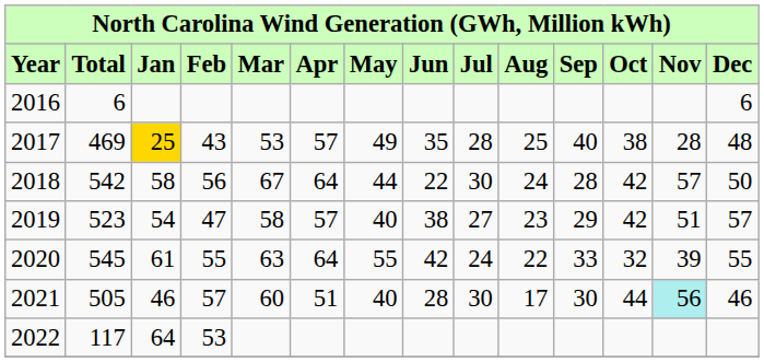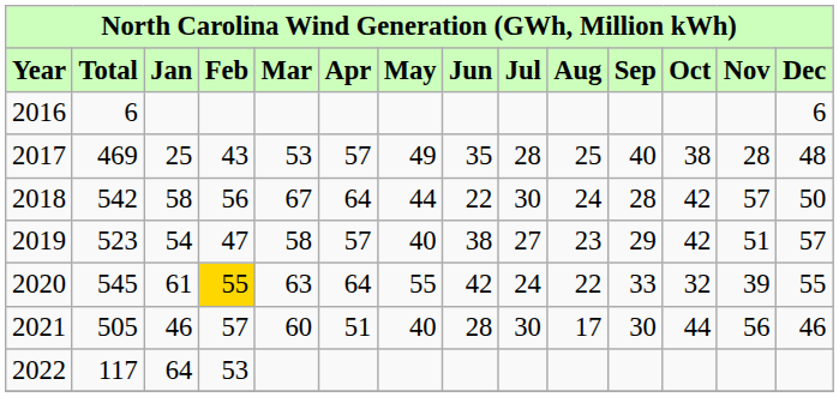 <table class="wikitable" style="text-align:right;">
 <tr>
 <th colspan="14" style="background:#cfb;">North Carolina Wind Generation (GWh, Million kWh)</th>
 </tr>
 <tr>
 <th style="background:#cfb;">Year</th>
 <th style="background:#cfb;">Total</th>
 <th style="background:#cfb;">Jan</th>
 <th style="background:#cfb;">Feb</th>
 <th style="background:#cfb;">Mar</th>
 <th style="background:#cfb;">Apr</th>
 <th style="background:#cfb;">May</th>
 <th style="background:#cfb;">Jun</th>
 <th style="background:#cfb;">Jul</th>
 <th style="background:#cfb;">Aug</th>
 <th style="background:#cfb;">Sep</th>
 <th style="background:#cfb;">Oct</th>
 <th style="background:#cfb;">Nov</th>
 <th style="background:#cfb;">Dec</th>
 </tr>
 <tr align=right>
 <td>2016</td>
 <td>6</td>
 <td></td>
 <td></td>
 <td></td>
 <td></td>
 <td></td>
 <td></td>
 <td></td>
 <td></td>
 <td></td>
 <td></td>
 <td></td>
 <td>6</td>
 </tr>
 <tr align=right>
 <td>2017</td>
 <td>469</td>
-<td style="background: gold;">25</td>
+<td>25</td>
 <td>43</td>
 <td>53</td>
 <td>57</td>
 <td>49</td>
 <td>35</td>
 <td>28</td>
 <td>25</td>
 <td>40</td>
 <td>38</td>
 <td>28</td>
 <td>48</td>
 </tr>
 <tr align=right>
 <td>2018</td>
 <td>542</td>
 <td>58</td>
 <td>56</td>
 <td>67</td>
 <td>64</td>
 <td>44</td>
 <td>22</td>
 <td>30</td>
 <td>24</td>
 <td>28</td>
 <td>42</td>
 <td>57</td>
 <td>50</td>
 </tr>
 <tr align=right>
 <td>2019</td>
 <td>523</td>
 <td>54</td>
 <td>47</td>
 <td>58</td>
 <td>57</td>
 <td>40</td>
 <td>38</td>
 <td>27</td>
 <td>23</td>
 <td>29</td>
 <td>42</td>
 <td>51</td>
 <td>57</td>
 </tr>
 <tr align=right>
 <td>2020</td>
 <td>545</td>
 <td>61</td>
-<td>55</td>
+<td style="background: gold;">55</td>
 <td>63</td>
 <td>64</td>
 <td>55</td>
 <td>42</td>
 <td>24</td>
 <td>22</td>
 <td>33</td>
 <td>32</td>
 <td>39</td>
 <td>55</td>
 </tr>
 <tr align=right>
 <td>2021</td>
 <td>505</td>
 <td>46</td>
 <td>57</td>
 <td>60</td>
 <td>51</td>
 <td>40</td>
 <td>28</td>
 <td>30</td>
 <td>17</td>
 <td>30</td>
 <td>44</td>
-<td style="background: paleturquoise;">56</td>
+<td>56</td>
 <td>46</td>
 </tr>
 <tr align=right>
 <td>2022</td>
 <td>117</td>
 <td>64</td>
 <td>53</td>
 <td></td>
 <td></td>
 <td></td>
 <td></td>
 <td></td>
 <td></td>
 <td></td>
 <td></td>
 <td></td>
 <td></td>
 </tr>
 <tr align=right>
 </tr>
 </table>
